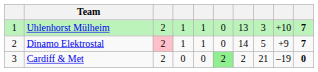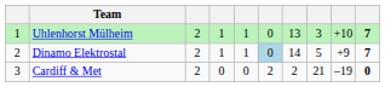 <table class=wikitable style="text-align:center">
 <tr align=center>
 <th width=25></th>
 <th width=200>Team</th>
 <th width=25></th>
 <th width=25></th>
 <th width=25></th>
 <th width=25></th>
 <th width=25></th>
 <th width=25></th>
 <th width=25></th>
 <th width=25></th>
 </tr>
 <tr bgcolor=bbf3bb>
 <td>1</td>
 <td align=left> <a href='#'>Uhlenhorst Mülheim</a></td>
 <td>2</td>
 <td>1</td>
 <td>1</td>
 <td>0</td>
 <td>13</td>
 <td>3</td>
 <td>+10</td>
 <td><strong>7</strong></td>
 </tr>
 <tr>
 <td>2</td>
 <td align=left> <a href='#'>Dinamo Elektrostal</a></td>
-<td style="background: pink;">2</td>
+<td>2</td>
 <td>1</td>
 <td>1</td>
-<td>0</td>
+<td style="background: lightblue;">0</td>
 <td>14</td>
 <td>5</td>
 <td>+9</td>
 <td><strong>7</strong></td>
 </tr>
 <tr>
 <td>3</td>
 <td align=left> <a href='#'>Cardiff & Met</a></td>
 <td>2</td>
 <td>0</td>
 <td>0</td>
-<td style="background: lightgreen;">2</td>
+<td>2</td>
 <td>2</td>
 <td>21</td>
 <td>–19</td>
 <td><strong>0</strong></td>
 </tr>
 </table>
